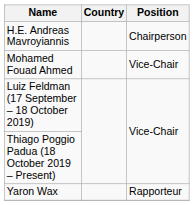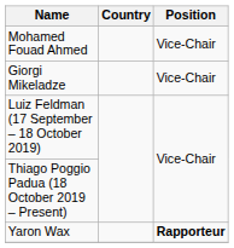 <table class="wikitable" style="display: inline-table; width: 45%">
 <tr>
 <th>Name</th>
 <th>Country</th>
 <th>Position</th>
 </tr>
 <tr>
-<td>H.E. Andreas Mavroyiannis</td>
+<td>Mohamed Fouad Ahmed</td>
 <td></td>
-<td>Chairperson</td>
+<td>Vice-Chair</td>
 </tr>
 <tr>
-<td>Mohamed Fouad Ahmed</td>
+<td>Giorgi Mikeladze</td>
 <td></td>
 <td>Vice-Chair</td>
 </tr>
 <tr>
 <td>Luiz Feldman (17 September – 18 October 2019)</td>
 <td rowspan=2></td>
 <td rowspan=2>Vice-Chair</td>
 </tr>
 <tr>
 <td>Thiago Poggio Padua (18 October 2019 – Present)</td>
 </tr>
 <tr>
 <td>Yaron Wax</td>
 <td></td>
-<td>Rapporteur</td>
+<td><strong>Rapporteur</strong></td>
 </tr>
 <tr>
 </tr>
 </table>
